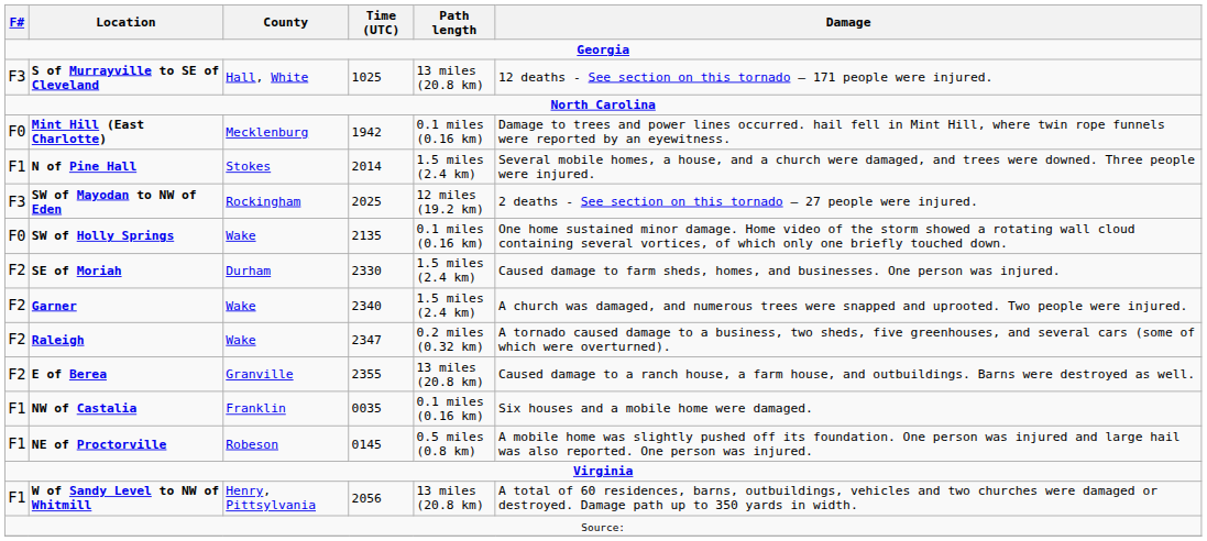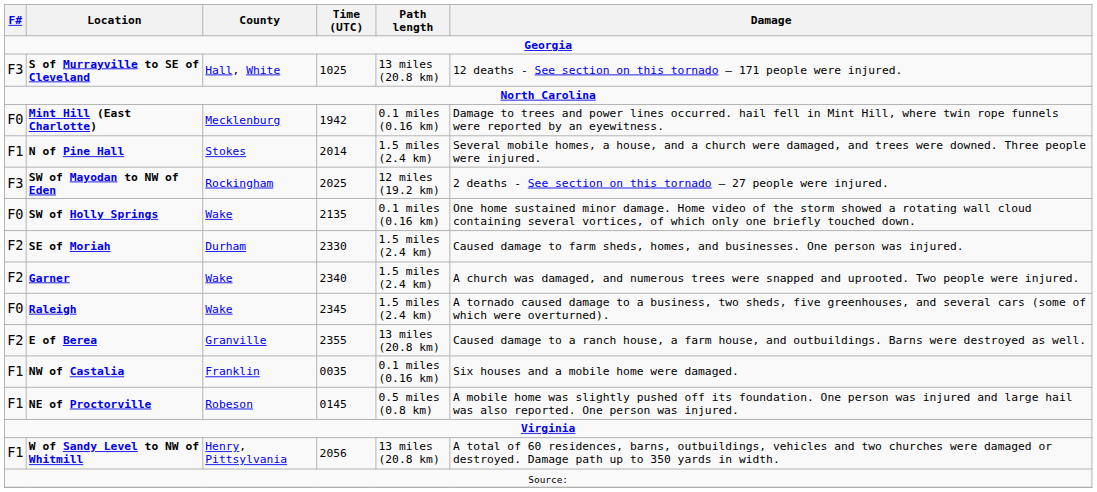 <table class="wikitable">
 <tr>
 <th><strong><a href='#'>F#</a></strong></th>
 <th><strong>Location</strong></th>
 <th><strong>County</strong></th>
 <th><strong>Time (UTC)</strong></th>
 <th><strong>Path length</strong></th>
 <th><strong>Damage</strong></th>
 </tr>
 <tr>
 <td colspan="7" align=center><strong><a href='#'>Georgia</a></strong></td>
 </tr>
 <tr>
 <td><big>F3</big></td>
 <td><strong>S of <a href='#'>Murrayville</a> to SE of <a href='#'>Cleveland</a></strong></td>
 <td><a href='#'>Hall</a>, <a href='#'>White</a></td>
 <td>1025</td>
 <td>13 miles <br>(20.8 km)</td>
 <td>12 deaths - <a href='#'>See section on this tornado</a> – 171 people were injured.</td>
 </tr>
 <tr>
 <td colspan="7" align=center><strong><a href='#'>North Carolina</a></strong></td>
 </tr>
 <tr>
 <td><big>F0</big></td>
 <td><strong><a href='#'>Mint Hill</a> (East <a href='#'>Charlotte</a>)</strong></td>
 <td><a href='#'>Mecklenburg</a></td>
 <td>1942</td>
 <td>0.1 miles <br>(0.16 km)</td>
 <td>Damage to trees and power lines occurred.  hail fell in Mint Hill, where twin rope funnels were reported by an eyewitness.</td>
 </tr>
 <tr>
 <td><big>F1</big></td>
 <td><strong>N of <a href='#'>Pine Hall</a></strong></td>
 <td><a href='#'>Stokes</a></td>
 <td>2014</td>
 <td>1.5 miles <br>(2.4 km)</td>
 <td>Several mobile homes, a house, and a church were damaged, and trees were downed. Three people were injured.</td>
 </tr>
 <tr>
 <td><big>F3</big></td>
 <td><strong>SW of <a href='#'>Mayodan</a> to NW of <a href='#'>Eden</a></strong></td>
 <td><a href='#'>Rockingham</a></td>
 <td>2025</td>
 <td>12 miles <br>(19.2 km)</td>
 <td>2 deaths - <a href='#'>See section on this tornado</a> – 27 people were injured.</td>
 </tr>
 <tr>
 <td><big>F0</big></td>
 <td><strong>SW of <a href='#'>Holly Springs</a></strong></td>
 <td><a href='#'>Wake</a></td>
 <td>2135</td>
 <td>0.1 miles <br>(0.16 km)</td>
 <td>One home sustained minor damage. Home video of the storm showed a rotating wall cloud containing several vortices, of which only one briefly touched down.</td>
 </tr>
 <tr>
 <td><big>F2</big></td>
 <td><strong>SE of <a href='#'>Moriah</a></strong></td>
 <td><a href='#'>Durham</a></td>
 <td>2330</td>
 <td>1.5 miles <br>(2.4 km)</td>
 <td>Caused damage to farm sheds, homes, and businesses. One person was injured.</td>
 </tr>
 <tr>
 <td><big>F2</big></td>
 <td><strong><a href='#'>Garner</a></strong></td>
 <td><a href='#'>Wake</a></td>
 <td>2340</td>
 <td>1.5 miles <br>(2.4 km)</td>
 <td>A church was damaged, and numerous trees were snapped and uprooted. Two people were injured.</td>
 </tr>
 <tr>
-<td><big>F2</big></td>
+<td><big>F0</big></td>
 <td><strong><a href='#'>Raleigh</a></strong></td>
 <td><a href='#'>Wake</a></td>
-<td>2347</td>
-<td>0.2 miles <br>(0.32 km)</td>
+<td>2345</td>
+<td>1.5 miles <br>(2.4 km)</td>
 <td>A tornado caused damage to a business, two sheds, five greenhouses, and several cars (some of which were overturned).</td>
 </tr>
 <tr>
 <td><big>F2</big></td>
 <td><strong>E of <a href='#'>Berea</a></strong></td>
 <td><a href='#'>Granville</a></td>
 <td>2355</td>
 <td>13 miles <br>(20.8 km)</td>
 <td>Caused damage to a ranch house, a farm house, and outbuildings. Barns were destroyed as well.</td>
 </tr>
 <tr>
 <td><big>F1</big></td>
 <td><strong>NW of <a href='#'>Castalia</a></strong></td>
 <td><a href='#'>Franklin</a></td>
 <td>0035</td>
 <td>0.1 miles <br>(0.16 km)</td>
 <td>Six houses and a mobile home were damaged.</td>
 </tr>
 <tr>
 <td><big>F1</big></td>
 <td><strong>NE of <a href='#'>Proctorville</a></strong></td>
 <td><a href='#'>Robeson</a></td>
 <td>0145</td>
 <td>0.5 miles <br>(0.8 km)</td>
 <td>A mobile home was slightly pushed off its foundation. One person was injured and large hail was also reported. One person was injured.</td>
 </tr>
 <tr>
 <td colspan="7" align=center><strong><a href='#'>Virginia</a></strong></td>
 </tr>
 <tr>
 <td><big>F1</big></td>
 <td><strong>W of <a href='#'>Sandy Level</a> to NW of <a href='#'>Whitmill</a></strong></td>
 <td><a href='#'>Henry</a>, <a href='#'>Pittsylvania</a></td>
 <td>2056</td>
 <td>13 miles <br>(20.8 km)</td>
 <td>A total of 60 residences, barns, outbuildings, vehicles and two churches were damaged or destroyed. Damage path up to 350 yards in width.</td>
 </tr>
 <tr>
 <td colspan="7" align=center><small>Source: </small></td>
 </tr>
 <tr>
 </tr>
 </table>
